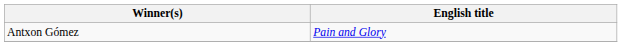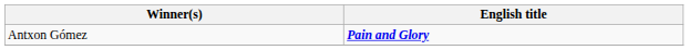 <table class="wikitable" width="95%" cellpadding="5">
 <tr>
 <th width="18%">Winner(s)</th>
 <th width="18%">English title</th>
 </tr>
 <tr>
 <td>  Antxon Gómez</td>
-<td><em><a href='#'>Pain and Glory</a></em></td>
+<td><strong><em><a href='#'>Pain and Glory</a></em></strong></td>
 </tr>
 <tr>
 </tr>
 </table>
